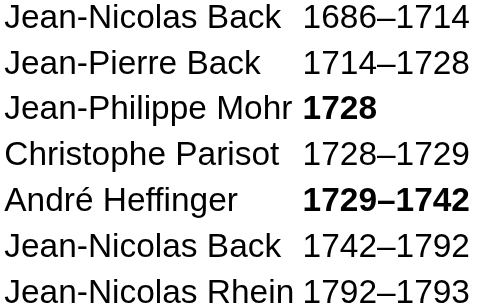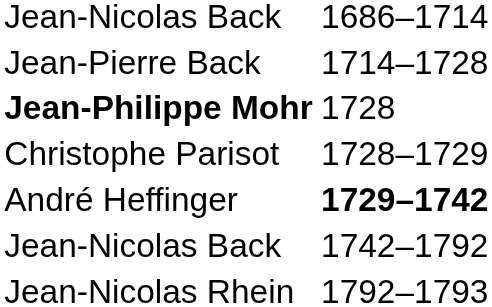 <table>
 <tr>
 <td>Jean-Nicolas Back</td>
 <td>1686–1714</td>
 </tr>
 <tr>
 <td>Jean-Pierre Back</td>
 <td>1714–1728</td>
 </tr>
 <tr>
-<td>Jean-Philippe Mohr</td>
-<td><strong>1728</strong></td>
+<td><strong>Jean-Philippe Mohr</strong></td>
+<td>1728</td>
 </tr>
 <tr>
 <td>Christophe Parisot</td>
 <td>1728–1729</td>
 </tr>
 <tr>
 <td>André Heffinger</td>
 <td><strong>1729–1742</strong></td>
 </tr>
 <tr>
 <td>Jean-Nicolas Back</td>
 <td>1742–1792</td>
 </tr>
 <tr>
 <td>Jean-Nicolas Rhein</td>
 <td>1792–1793</td>
 </tr>
 </table>
